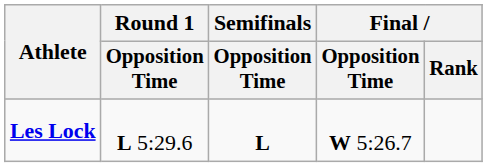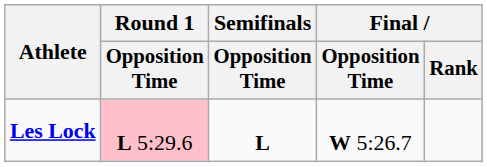 <table class="wikitable" style="font-size:90%;text-align:center;">
 <tr>
 <th rowspan=2>Athlete</th>
 <th>Round 1</th>
 <th>Semifinals</th>
 <th colspan=2>Final / </th>
 </tr>
 <tr style="font-size:95%">
 <th>Opposition<br>Time</th>
 <th>Opposition<br>Time</th>
 <th>Opposition<br>Time</th>
 <th>Rank</th>
 </tr>
 <tr>
 <td style="text-align:left;"><strong><a href='#'>Les Lock</a></strong></td>
-<td><br><strong>L</strong> 5:29.6</td>
+<td style="background: pink;"><br><strong>L</strong> 5:29.6</td>
 <td><br><strong>L</strong></td>
 <td><br><strong>W</strong> 5:26.7</td>
 <td></td>
 </tr>
 </table>
